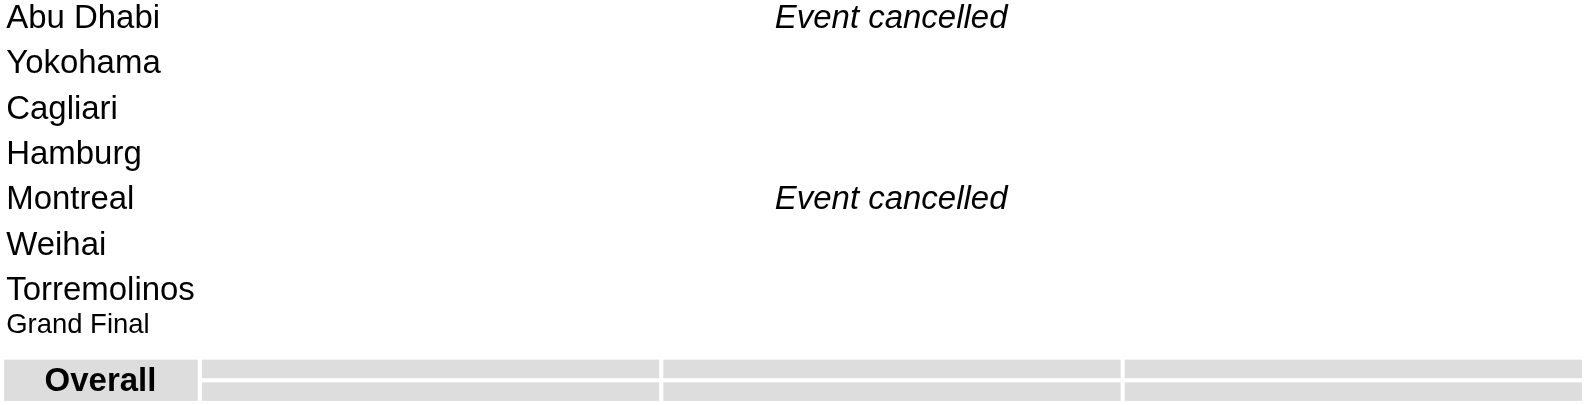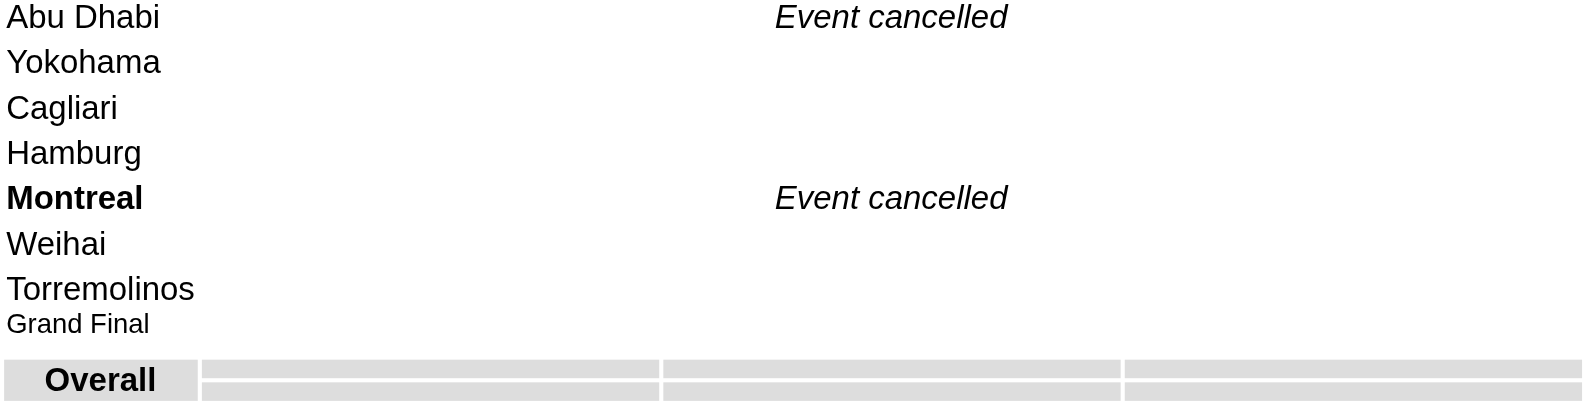 <table>
 <tr>
 <td>Abu Dhabi</td>
 <td colspan="3" align="center"><em>Event cancelled</em></td>
 </tr>
 <tr>
 <td rowspan=2>Yokohama</td>
 <td width=220></td>
 <td width=220></td>
 <td width=220></td>
 </tr>
 <tr>
 <td width=220></td>
 <td width=220></td>
 <td width=220></td>
 </tr>
 <tr>
 <td rowspan=2>Cagliari</td>
 <td width=220></td>
 <td width=220></td>
 <td width=220></td>
 </tr>
 <tr>
 <td width=220></td>
 <td width=220></td>
 <td width=220></td>
 </tr>
 <tr>
 <td rowspan=2>Hamburg</td>
 <td width=220></td>
 <td width=220></td>
 <td width=220></td>
 </tr>
 <tr>
 <td width=220></td>
 <td width=220></td>
 <td width=220></td>
 </tr>
 <tr>
-<td>Montreal</td>
+<td><strong>Montreal</strong></td>
 <td colspan="3" align="center"><em>Event cancelled</em></td>
 </tr>
 <tr>
 <td rowspan=2>Weihai</td>
 <td width=220></td>
 <td width=220></td>
 <td width=220></td>
 </tr>
 <tr>
 <td width=220></td>
 <td width=220></td>
 <td width=220></td>
 </tr>
 <tr>
 <td rowspan=2>Torremolinos<br><sup>Grand Final</sup></td>
 <td width=220></td>
 <td width=220></td>
 <td width=220></td>
 </tr>
 <tr>
 <td width=220></td>
 <td width=220></td>
 <td width=220></td>
 </tr>
 <tr bgcolor=dddddd>
 <th rowspan=2>Overall</th>
 <td width=220><strong></strong></td>
 <td width=220><strong></strong></td>
 <td width=220><strong></strong></td>
 </tr>
 <tr bgcolor=dddddd>
 <td width=220><strong></strong></td>
 <td width=220><strong></strong></td>
 <td width=220><strong></strong></td>
 </tr>
 </table>
